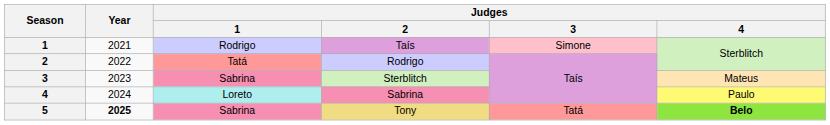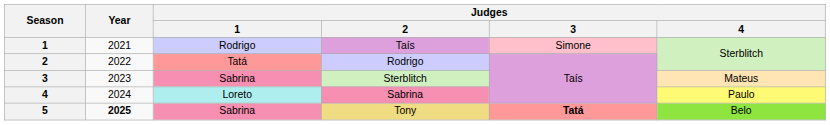 <table class="wikitable collapsible collapsed" style="text-align:center; width:100%">
 <tr>
 <th width="2%" rowspan="2">Season</th>
 <th width="2%" rowspan="2">Year</th>
 <th colspan="4">Judges</th>
 </tr>
 <tr>
 <th width="6%">1</th>
 <th width="6%">2</th>
 <th width="6%">3</th>
 <th width="6%">4</th>
 </tr>
 <tr>
 <th>1</th>
 <td>2021</td>
 <td rowspan="1" style="background:#ccf">Rodrigo</td>
 <td rowspan="1" style="background:#dda0dd">Taís</td>
 <td rowspan="1" style="background:pink">Simone</td>
 <td rowspan="2" style="background:#d0f0c0">Sterblitch</td>
 </tr>
 <tr>
 <th>2</th>
 <td>2022</td>
 <td rowspan="1" style="background:#ff9999">Tatá</td>
 <td rowspan="1" style="background:#ccf">Rodrigo</td>
 <td rowspan="3" style="background:#dda0dd">Taís</td>
 </tr>
 <tr>
 <th>3</th>
 <td>2023</td>
 <td rowspan="1" style="background:#f78fb2">Sabrina</td>
 <td rowspan="1" style="background:#d0f0c0">Sterblitch</td>
 <td rowspan="1" style="background:#ffe5b4">Mateus</td>
 </tr>
 <tr>
 <th>4</th>
 <td>2024</td>
 <td rowspan="1" style="background:#afeeee">Loreto</td>
 <td rowspan="1" style="background:#f78fb2">Sabrina</td>
 <td rowspan="1" style="background:#fffa73">Paulo</td>
 </tr>
 <tr>
 <th>5</th>
 <td><strong>2025</strong></td>
 <td style="background:#f78fb2">Sabrina</td>
 <td style="background:#f0dc82">Tony</td>
-<td style="background:#FF9999">Tatá</td>
-<td style="background:#8ee53f"><strong>Belo</strong></td>
+<td style="background:#FF9999"><strong>Tatá</strong></td>
+<td style="background:#8ee53f">Belo</td>
 </tr>
 </table>
